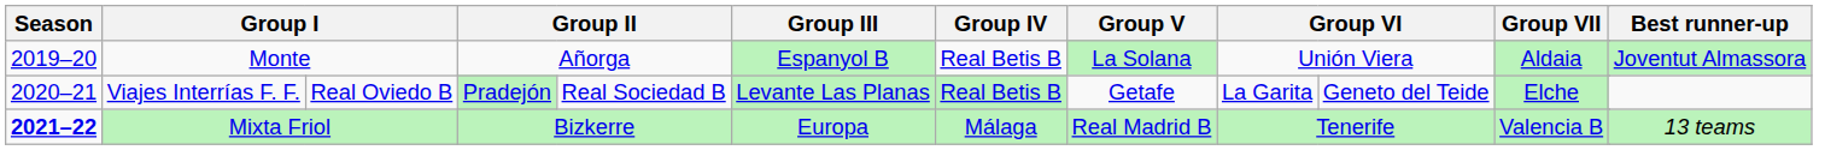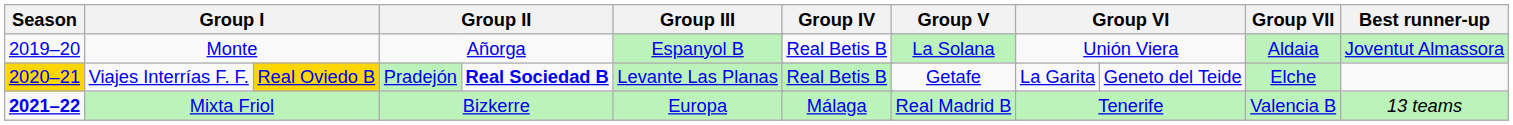 <table class="wikitable" style="text-align:center; font-size:90%">
 <tr>
 <th>Season</th>
 <th colspan="2">Group I</th>
 <th colspan="2">Group II</th>
 <th colspan="2">Group III</th>
 <th colspan="2">Group IV</th>
 <th colspan="2">Group V</th>
 <th colspan="2">Group VI</th>
 <th colspan="2">Group VII</th>
 <th>Best runner-up</th>
 </tr>
 <tr>
 <td><a href='#'>2019–20</a></td>
 <td colspan="2"><a href='#'>Monte</a></td>
 <td colspan="2"><a href='#'>Añorga</a></td>
 <td colspan="2" bgcolor=BBF3BB><a href='#'>Espanyol B</a></td>
 <td colspan="2"><a href='#'>Real Betis B</a></td>
 <td colspan="2" bgcolor=BBF3BB><a href='#'>La Solana</a></td>
 <td colspan="2"><a href='#'>Unión Viera</a></td>
 <td colspan="2" bgcolor=BBF3BB><a href='#'>Aldaia</a></td>
 <td colspan="2" bgcolor=BBF3BB><a href='#'>Joventut Almassora</a></td>
 </tr>
 <tr>
-<td><a href='#'>2020–21</a></td>
+<td style="background: gold;"><a href='#'>2020–21</a></td>
 <td><a href='#'>Viajes Interrías F. F.</a></td>
-<td><a href='#'>Real Oviedo B</a></td>
+<td style="background: gold;"><a href='#'>Real Oviedo B</a></td>
 <td bgcolor=BBF3BB><a href='#'>Pradejón</a></td>
-<td><a href='#'>Real Sociedad B</a></td>
+<td><strong><a href='#'>Real Sociedad B</a></strong></td>
 <td colspan="2" bgcolor=BBF3BB><a href='#'>Levante Las Planas</a></td>
 <td bgcolor=BBF3BB colspan="2"><a href='#'>Real Betis B</a></td>
 <td colspan="2"><a href='#'>Getafe</a></td>
 <td><a href='#'>La Garita</a></td>
 <td><a href='#'>Geneto del Teide</a></td>
 <td colspan="2" bgcolor=BBF3BB><a href='#'>Elche</a></td>
 <td></td>
 </tr>
 <tr>
 <td><strong><a href='#'>2021–22</a></strong></td>
 <td colspan="2" bgcolor=BBF3BB><a href='#'>Mixta Friol</a></td>
 <td colspan="2" bgcolor=BBF3BB><a href='#'>Bizkerre</a></td>
 <td colspan="2" bgcolor=BBF3BB><a href='#'>Europa</a></td>
 <td colspan="2" bgcolor=BBF3BB><a href='#'>Málaga</a></td>
 <td colspan="2" bgcolor=BBF3BB><a href='#'>Real Madrid B</a></td>
 <td colspan="2" bgcolor=BBF3BB><a href='#'>Tenerife</a></td>
 <td colspan="2" bgcolor=BBF3BB><a href='#'>Valencia B</a></td>
 <td bgcolor=BBF3BB><em>13 teams</em></td>
 </tr>
 </table>
